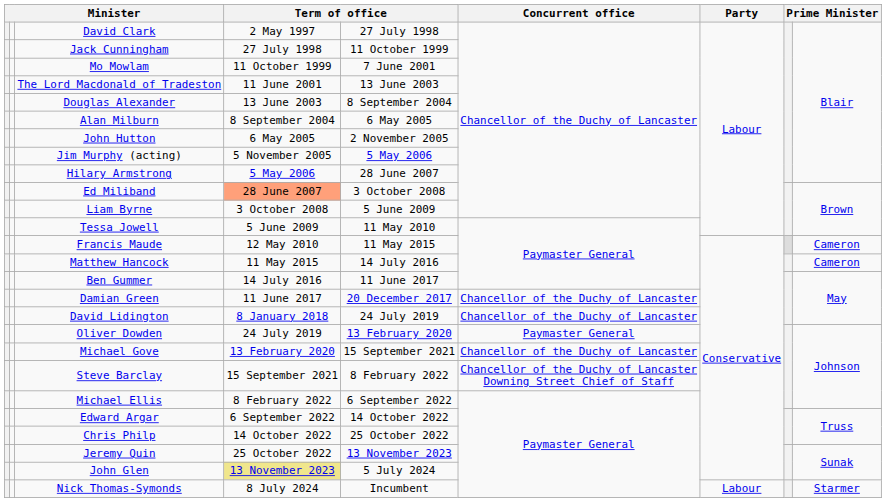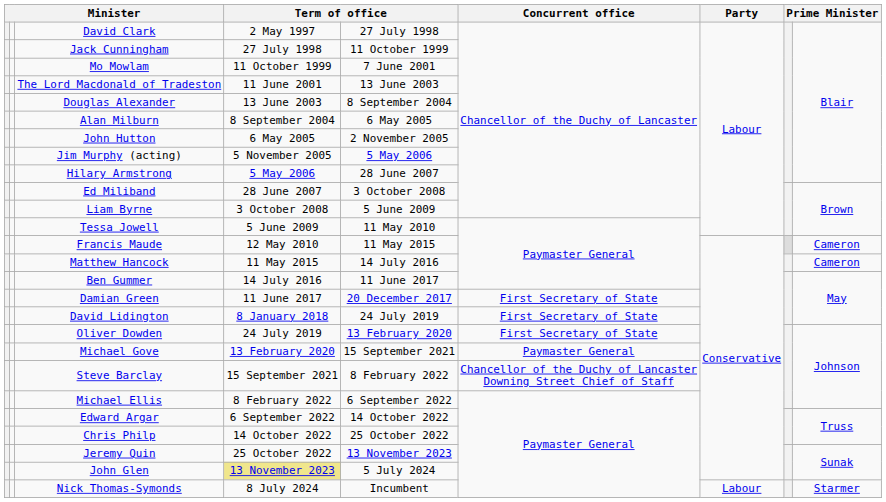 <table class="wikitable" style="text-align:center;">
 <tr>
 <th colspan=3>Minister</th>
 <th colspan=2>Term of office</th>
 <th>Concurrent office</th>
 <th>Party</th>
 <th colspan=2>Prime Minister</th>
 </tr>
 <tr style="height:1em">
 <th style="background-color:"></th>
 <td></td>
 <td><a href='#'>David Clark</a></td>
 <td>2 May 1997</td>
 <td>27 July 1998</td>
 <td rowspan=11><a href='#'>Chancellor of the Duchy of Lancaster</a></td>
 <td rowspan=12><a href='#'>Labour</a></td>
 <th rowspan=9 style="background-color:"></th>
 <td rowspan=9><a href='#'>Blair</a></td>
 </tr>
 <tr style="height:1em">
 <th style="background-color:"></th>
 <td></td>
 <td><a href='#'>Jack Cunningham</a></td>
 <td>27 July 1998</td>
 <td>11 October 1999</td>
 </tr>
 <tr style="height:1em">
 <th style="background-color:"></th>
 <td></td>
 <td><a href='#'>Mo Mowlam</a></td>
 <td>11 October 1999</td>
 <td>7 June 2001</td>
 </tr>
 <tr style="height:1em">
 <th style="background-color:"></th>
 <td></td>
 <td><a href='#'>The Lord Macdonald of Tradeston</a></td>
 <td>11 June 2001</td>
 <td>13 June 2003</td>
 </tr>
 <tr style="height:1em">
 <th style="background-color:"></th>
 <td></td>
 <td><a href='#'>Douglas Alexander</a></td>
 <td>13 June 2003</td>
 <td>8 September 2004</td>
 </tr>
 <tr style="height:1em">
 <th style="background-color:"></th>
 <td></td>
 <td><a href='#'>Alan Milburn</a></td>
 <td>8 September 2004</td>
 <td>6 May 2005</td>
 </tr>
 <tr style="height:1em">
 <th style="background-color:"></th>
 <td></td>
 <td><a href='#'>John Hutton</a></td>
 <td>6 May 2005</td>
 <td>2 November 2005</td>
 </tr>
 <tr style="height:1em">
 <th style="background-color:"></th>
 <td></td>
 <td><a href='#'>Jim Murphy</a> (acting)</td>
 <td>5 November 2005</td>
 <td><a href='#'>5 May 2006</a></td>
 </tr>
 <tr style="height:1em">
 <th style="background-color:"></th>
 <td></td>
 <td><a href='#'>Hilary Armstrong</a></td>
 <td><a href='#'>5 May 2006</a></td>
 <td>28 June 2007</td>
 </tr>
 <tr style="height:1em">
 <th style="background-color:"></th>
 <td></td>
 <td><a href='#'>Ed Miliband</a></td>
-<td style="background: lightsalmon;">28 June 2007</td>
+<td>28 June 2007</td>
 <td>3 October 2008</td>
 <th rowspan=3 style="background-color:"></th>
 <td rowspan=3><a href='#'>Brown</a></td>
 </tr>
 <tr style="height:1em">
 <th style="background-color:"></th>
 <td></td>
 <td><a href='#'>Liam Byrne</a></td>
 <td>3 October 2008</td>
 <td>5 June 2009</td>
 </tr>
 <tr style="height:1em">
 <th style="background-color:"></th>
 <td></td>
 <td><a href='#'>Tessa Jowell</a></td>
 <td>5 June 2009</td>
 <td>11 May 2010</td>
 <td rowspan=4><a href='#'>Paymaster General</a></td>
 </tr>
 <tr style="height:1em">
 <th style="background-color:"></th>
 <td></td>
 <td><a href='#'>Francis Maude</a></td>
 <td>12 May 2010</td>
 <td>11 May 2015</td>
 <td rowspan=13><a href='#'>Conservative</a></td>
 <th style="background-color:#DDD"></th>
 <td><a href='#'>Cameron</a><br></td>
 </tr>
 <tr style="height:1em">
 <th style="background-color:"></th>
 <td></td>
 <td><a href='#'>Matthew Hancock</a></td>
 <td>11 May 2015</td>
 <td>14 July 2016</td>
 <th style="background-color:"></th>
 <td><a href='#'>Cameron</a><br></td>
 </tr>
 <tr style="height:1em">
 <th style="background-color:"></th>
 <td></td>
 <td><a href='#'>Ben Gummer</a></td>
 <td>14 July 2016</td>
 <td>11 June 2017</td>
 <th rowspan=3 style="background-color:"></th>
 <td rowspan=3><a href='#'>May</a></td>
 </tr>
 <tr style="height:1em">
 <th style="background-color:"></th>
 <td></td>
 <td><a href='#'>Damian Green</a></td>
 <td>11 June 2017</td>
 <td><a href='#'>20 December 2017</a></td>
-<td><a href='#'>Chancellor of the Duchy of Lancaster</a></td>
+<td><a href='#'>First Secretary of State</a></td>
 </tr>
 <tr style="height:1em">
 <th style="background-color:"></th>
 <td></td>
 <td><a href='#'>David Lidington</a></td>
 <td><a href='#'>8 January 2018</a></td>
 <td>24 July 2019</td>
-<td><a href='#'>Chancellor of the Duchy of Lancaster</a></td>
+<td><a href='#'>First Secretary of State</a></td>
 </tr>
 <tr style="height:1em">
 <th style="background-color:"></th>
 <td></td>
 <td><a href='#'>Oliver Dowden</a></td>
 <td>24 July 2019</td>
 <td><a href='#'>13 February 2020</a></td>
-<td><a href='#'>Paymaster General</a></td>
+<td><a href='#'>First Secretary of State</a></td>
 <th rowspan=4 style="background-color:"></th>
 <td rowspan=4><a href='#'>Johnson</a></td>
 </tr>
 <tr style="height:1em">
 <th style="background-color:"></th>
 <td></td>
 <td><a href='#'>Michael Gove</a></td>
 <td><a href='#'>13 February 2020</a></td>
 <td>15 September 2021</td>
-<td><a href='#'>Chancellor of the Duchy of Lancaster</a></td>
+<td><a href='#'>Paymaster General</a></td>
 </tr>
 <tr style="height:1em">
 <th style="background-color:"></th>
 <td></td>
 <td><a href='#'>Steve Barclay</a></td>
 <td>15 September 2021</td>
 <td>8 February 2022</td>
 <td><a href='#'>Chancellor of the Duchy of Lancaster</a><br><a href='#'>Downing Street Chief of Staff</a></td>
 </tr>
 <tr style="height:1em">
 <th style="background-color:"></th>
 <td></td>
 <td><a href='#'>Michael Ellis</a></td>
 <td>8 February 2022</td>
 <td>6 September 2022</td>
 <td rowspan=6><a href='#'>Paymaster General</a></td>
 </tr>
 <tr style="height:1em">
 <th style="background-color:"></th>
 <td></td>
 <td><a href='#'>Edward Argar</a></td>
 <td>6 September 2022</td>
 <td>14 October 2022</td>
 <th rowspan=2 style="background-color:"></th>
 <td rowspan=2><a href='#'>Truss</a></td>
 </tr>
 <tr style="height:1em">
 <th style="background-color:"></th>
 <td></td>
 <td><a href='#'>Chris Philp</a></td>
 <td>14 October 2022</td>
 <td>25 October 2022</td>
 </tr>
 <tr style="height:1em">
 <th style="background-color:"></th>
 <td></td>
 <td><a href='#'>Jeremy Quin</a></td>
 <td>25 October 2022</td>
 <td><a href='#'>13 November 2023</a></td>
 <th rowspan=2 style="background-color:"></th>
 <td rowspan=2><a href='#'>Sunak</a></td>
 </tr>
 <tr style="height:1em">
 <th style="background-color:"></th>
 <td></td>
 <td><a href='#'>John Glen</a></td>
 <td style="background: khaki;"><a href='#'>13 November 2023</a></td>
 <td>5 July 2024</td>
 </tr>
 <tr style="height:1em">
 <th style="background-color:"></th>
 <td></td>
 <td><a href='#'>Nick Thomas-Symonds</a></td>
 <td>8 July 2024</td>
 <td>Incumbent</td>
 <td><a href='#'>Labour</a></td>
 <th style="background-color:"></th>
 <td><a href='#'>Starmer</a></td>
 </tr>
 </table>
